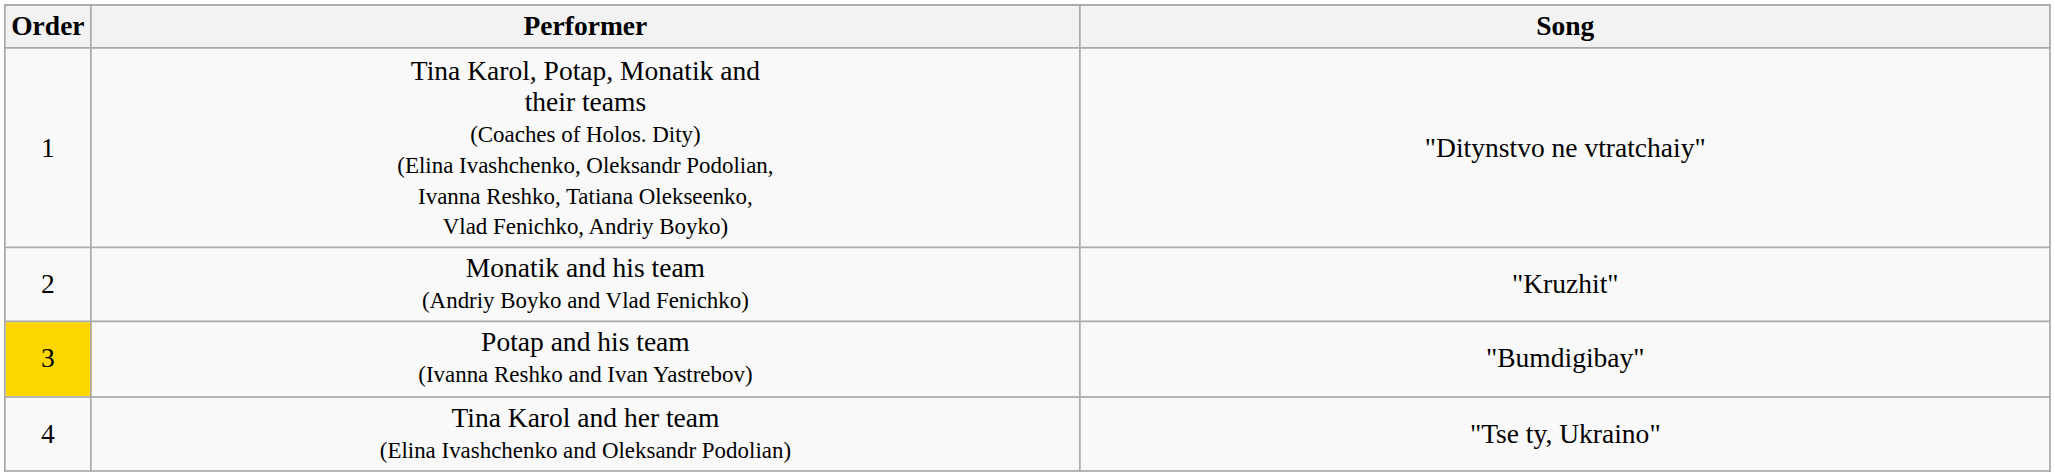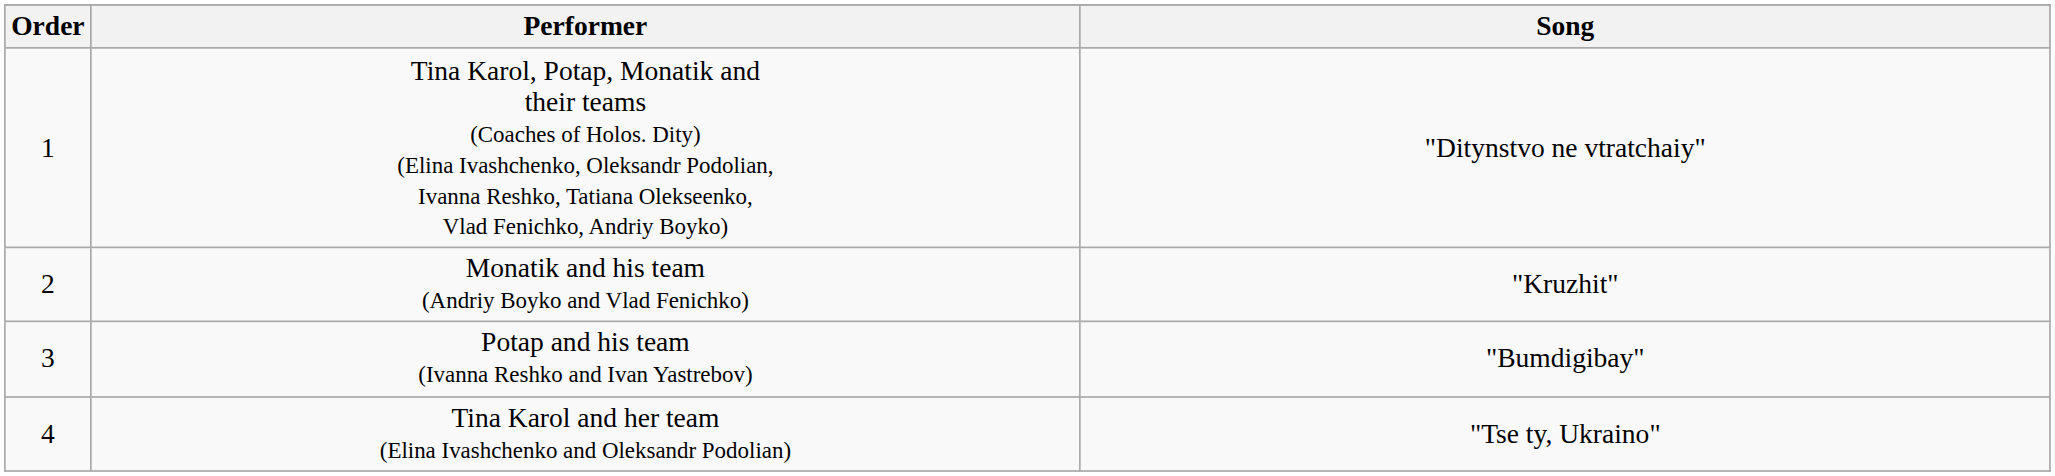 <table class="wikitable" style="text-align:center; width:60%;">
 <tr>
 </tr>
 <tr>
 <th style="width:01%;">Order</th>
 <th style="width:50%;">Performer</th>
 <th style="width:55%;">Song</th>
 </tr>
 <tr>
 <td>1</td>
 <td>Tina Karol, Potap, Monatik and <br>their teams <br><small>(Coaches of Holos. Dity) <br>(Elina Ivashchenko, Oleksandr Podolian, <br>Ivanna Reshko, Tatiana Olekseenko, <br>Vlad Fenichko, Andriy Boyko)</small></td>
 <td>"Ditynstvo ne vtratchaiy"</td>
 </tr>
 <tr>
 <td>2</td>
 <td>Monatik and his team <br><small>(Andriy Boyko and Vlad Fenichko)</small></td>
 <td>"Kruzhit"</td>
 </tr>
 <tr>
-<td style="background: gold;">3</td>
+<td>3</td>
 <td>Potap and his team <br><small>(Ivanna Reshko and Ivan Yastrebov)</small></td>
 <td>"Bumdigibay"</td>
 </tr>
 <tr>
 <td>4</td>
 <td>Tina Karol and her team <br><small>(Elina Ivashchenko and Oleksandr Podolian)</small></td>
 <td>"Tse ty, Ukraino"</td>
 </tr>
 </table>
